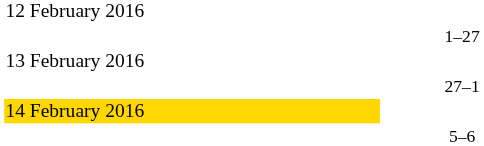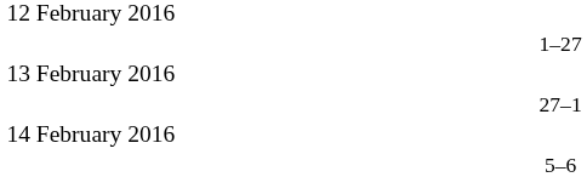 <table style="width:70%;" cellspacing="1">
 <tr>
 <th width=35%></th>
 <th width=15%></th>
 <th></th>
 </tr>
 <tr>
 <td>12 February 2016</td>
 </tr>
 <tr style=font-size:90%>
 <td align=right></td>
 <td align=center>1–27</td>
 <td><strong></strong></td>
 </tr>
 <tr>
 <td>13 February 2016</td>
 </tr>
 <tr style=font-size:90%>
 <td align=right><strong></strong></td>
 <td align=center>27–1</td>
 <td></td>
 </tr>
 <tr>
-<td style="background: gold;">14 February 2016</td>
+<td>14 February 2016</td>
 </tr>
 <tr style=font-size:90%>
 <td align=right></td>
 <td align=center>5–6</td>
 <td><strong></strong></td>
 </tr>
 </table>
